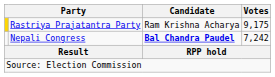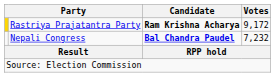 <table class="wikitable">
 <tr>
 <th colspan="2">Party</th>
 <th>Candidate</th>
 <th>Votes</th>
 </tr>
 <tr>
 <td style="background-color:gold"></td>
 <td><a href='#'>Rastriya Prajatantra Party</a></td>
-<td>Ram Krishna Acharya</td>
-<td>9,175</td>
+<td><strong>Ram Krishna Acharya</strong></td>
+<td>9,172</td>
 </tr>
 <tr>
 <td style="background-color:"></td>
 <td><a href='#'>Nepali Congress</a></td>
 <td><strong><a href='#'>Bal Chandra Paudel</a></strong></td>
-<td>7,242</td>
+<td>7,232</td>
 </tr>
 <tr>
 <th colspan="2">Result</th>
 <th colspan="2">RPP hold</th>
 </tr>
 <tr>
 <td colspan="4">Source: Election Commission</td>
 </tr>
 </table>
